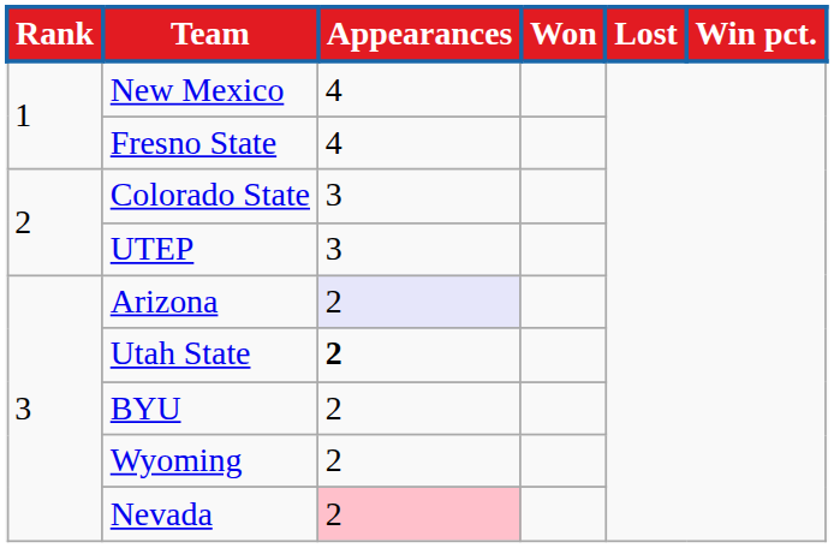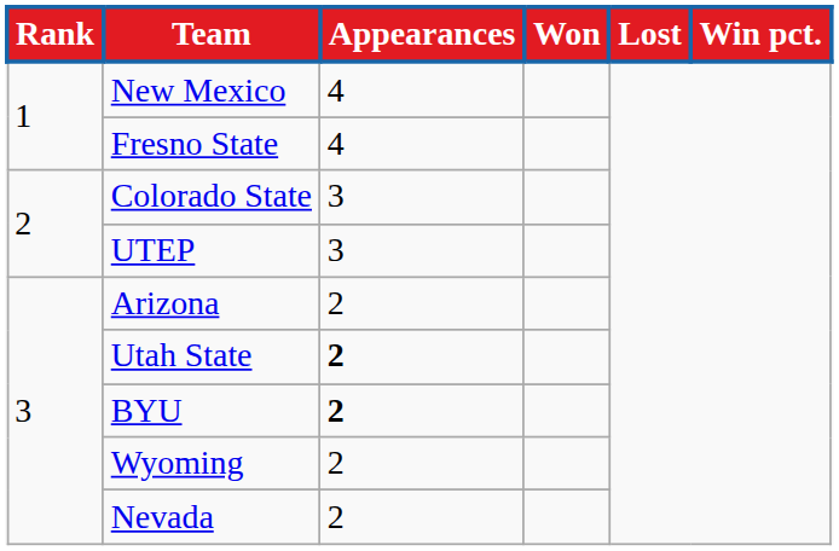 <table class = "wikitable">
 <tr>
 <th style="background:#E21B22; color:#FFFFFF; border: 2px solid #1766A9;">Rank</th>
 <th style="background:#E21B22; color:#FFFFFF; border: 2px solid #1766A9;">Team</th>
 <th style="background:#E21B22; color:#FFFFFF; border: 2px solid #1766A9;">Appearances</th>
 <th style="background:#E21B22; color:#FFFFFF; border: 2px solid #1766A9;">Won</th>
 <th style="background:#E21B22; color:#FFFFFF; border: 2px solid #1766A9;">Lost</th>
 <th style="background:#E21B22; color:#FFFFFF; border: 2px solid #1766A9;">Win pct.</th>
 </tr>
 <tr>
 <td rowspan=2>1</td>
 <td><a href='#'>New Mexico</a></td>
 <td>4</td>
 <td></td>
 </tr>
 <tr>
 <td><a href='#'>Fresno State</a></td>
 <td>4</td>
 <td></td>
 </tr>
 <tr>
 <td rowspan=2>2</td>
 <td><a href='#'>Colorado State</a></td>
 <td>3</td>
 <td></td>
 </tr>
 <tr>
 <td><a href='#'>UTEP</a></td>
 <td>3</td>
 <td></td>
 </tr>
 <tr>
 <td rowspan=5>3</td>
 <td><a href='#'>Arizona</a></td>
-<td style="background: lavender;">2</td>
+<td>2</td>
 <td></td>
 </tr>
 <tr>
 <td><a href='#'>Utah State</a></td>
 <td><strong>2</strong></td>
 <td></td>
 </tr>
 <tr>
 <td><a href='#'>BYU</a></td>
-<td>2</td>
+<td><strong>2</strong></td>
 <td></td>
 </tr>
 <tr>
 <td><a href='#'>Wyoming</a></td>
 <td>2</td>
 <td></td>
 </tr>
 <tr>
 <td><a href='#'>Nevada</a></td>
-<td style="background: pink;">2</td>
+<td>2</td>
 <td></td>
 </tr>
 </table>
